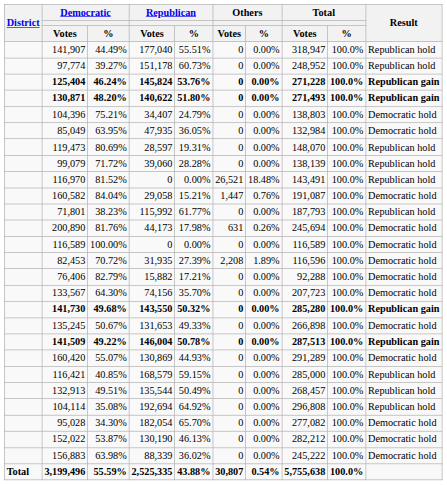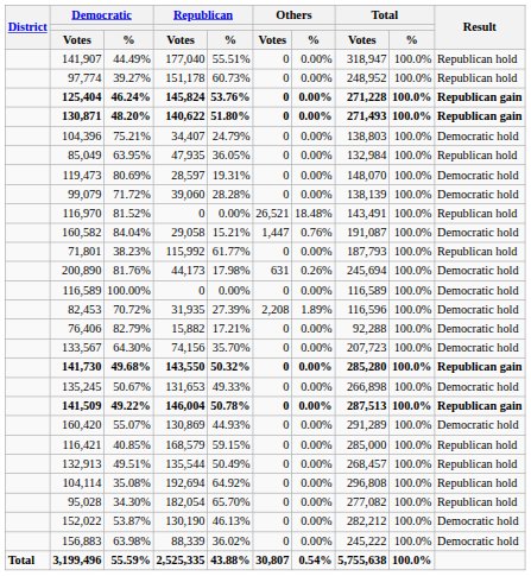 <table class="wikitable plainrowheaders sortable" style="font-size:100%; text-align:right;">
 <tr>
 <th scope=col rowspan=3><a href='#'>District</a></th>
 <th scope=col colspan=2><a href='#'>Democratic</a></th>
 <th scope=col colspan=2><a href='#'>Republican</a></th>
 <th scope=col colspan=2>Others</th>
 <th scope=col colspan=2>Total</th>
 <th scope=col rowspan=3>Result</th>
 </tr>
 <tr>
 <th scope=col colspan=2 style="background:"></th>
 <th scope=col colspan=2 style="background:"></th>
 <th scope=col colspan=2></th>
 <th scope=col colspan=2></th>
 </tr>
 <tr>
 <th scope=col data-sort-type="number">Votes</th>
 <th scope=col data-sort-type="number">%</th>
 <th scope=col data-sort-type="number">Votes</th>
 <th scope=col data-sort-type="number">%</th>
 <th scope=col data-sort-type="number">Votes</th>
 <th scope=col data-sort-type="number">%</th>
 <th scope=col data-sort-type="number">Votes</th>
 <th scope=col data-sort-type="number">%</th>
 </tr>
 <tr>
 <td align=left></td>
 <td>141,907</td>
 <td>44.49%</td>
 <td>177,040</td>
 <td>55.51%</td>
 <td>0</td>
 <td>0.00%</td>
 <td>318,947</td>
 <td>100.0%</td>
 <td align=left>Republican hold</td>
 </tr>
 <tr>
 <td align=left></td>
 <td>97,774</td>
 <td>39.27%</td>
 <td>151,178</td>
 <td>60.73%</td>
 <td>0</td>
 <td>0.00%</td>
 <td>248,952</td>
 <td>100.0%</td>
 <td align=left>Republican hold</td>
 </tr>
 <tr>
 <td align=left><strong></strong></td>
 <td><strong>125,404</strong></td>
 <td><strong>46.24%</strong></td>
 <td><strong>145,824</strong></td>
 <td><strong>53.76%</strong></td>
 <td><strong>0</strong></td>
 <td><strong>0.00%</strong></td>
 <td><strong>271,228</strong></td>
 <td><strong>100.0%</strong></td>
 <td align=left><strong>Republican gain</strong></td>
 </tr>
 <tr>
 <td align=left><strong></strong></td>
 <td><strong>130,871</strong></td>
 <td><strong>48.20%</strong></td>
 <td><strong>140,622</strong></td>
 <td><strong>51.80%</strong></td>
 <td><strong>0</strong></td>
 <td><strong>0.00%</strong></td>
 <td><strong>271,493</strong></td>
 <td><strong>100.0%</strong></td>
 <td align=left><strong>Republican gain</strong></td>
 </tr>
 <tr>
 <td align=left></td>
 <td>104,396</td>
 <td>75.21%</td>
 <td>34,407</td>
 <td>24.79%</td>
 <td>0</td>
 <td>0.00%</td>
 <td>138,803</td>
 <td>100.0%</td>
 <td align=left>Democratic hold</td>
 </tr>
 <tr>
 <td align=left></td>
 <td>85,049</td>
 <td>63.95%</td>
 <td>47,935</td>
 <td>36.05%</td>
 <td>0</td>
 <td>0.00%</td>
 <td>132,984</td>
 <td>100.0%</td>
-<td align=left>Democratic hold</td>
+<td align=left>Republican hold</td>
 </tr>
 <tr>
 <td align=left></td>
 <td>119,473</td>
 <td>80.69%</td>
 <td>28,597</td>
 <td>19.31%</td>
 <td>0</td>
 <td>0.00%</td>
 <td>148,070</td>
 <td>100.0%</td>
-<td align=left>Republican hold</td>
+<td align=left>Democratic hold</td>
 </tr>
 <tr>
 <td align=left></td>
 <td>99,079</td>
 <td>71.72%</td>
 <td>39,060</td>
 <td>28.28%</td>
 <td>0</td>
 <td>0.00%</td>
 <td>138,139</td>
 <td>100.0%</td>
-<td align=left>Republican hold</td>
+<td align=left>Democratic hold</td>
 </tr>
 <tr>
 <td align=left></td>
 <td>116,970</td>
 <td>81.52%</td>
 <td>0</td>
 <td>0.00%</td>
 <td>26,521</td>
 <td>18.48%</td>
 <td>143,491</td>
 <td>100.0%</td>
 <td align=left>Republican hold</td>
 </tr>
 <tr>
 <td align=left></td>
 <td>160,582</td>
 <td>84.04%</td>
 <td>29,058</td>
 <td>15.21%</td>
 <td>1,447</td>
 <td>0.76%</td>
 <td>191,087</td>
 <td>100.0%</td>
 <td align=left>Democratic hold</td>
 </tr>
 <tr>
 <td align=left></td>
 <td>71,801</td>
 <td>38.23%</td>
 <td>115,992</td>
 <td>61.77%</td>
 <td>0</td>
 <td>0.00%</td>
 <td>187,793</td>
 <td>100.0%</td>
 <td align=left>Republican hold</td>
 </tr>
 <tr>
 <td align=left></td>
 <td>200,890</td>
 <td>81.76%</td>
 <td>44,173</td>
 <td>17.98%</td>
 <td>631</td>
 <td>0.26%</td>
 <td>245,694</td>
 <td>100.0%</td>
 <td align=left>Democratic hold</td>
 </tr>
 <tr>
 <td align=left></td>
 <td>116,589</td>
 <td>100.00%</td>
 <td>0</td>
 <td>0.00%</td>
 <td>0</td>
 <td>0.00%</td>
 <td>116,589</td>
 <td>100.0%</td>
 <td align=left>Democratic hold</td>
 </tr>
 <tr>
 <td align=left></td>
 <td>82,453</td>
 <td>70.72%</td>
 <td>31,935</td>
 <td>27.39%</td>
 <td>2,208</td>
 <td>1.89%</td>
 <td>116,596</td>
 <td>100.0%</td>
 <td align=left>Democratic hold</td>
 </tr>
 <tr>
 <td align=left></td>
 <td>76,406</td>
 <td>82.79%</td>
 <td>15,882</td>
 <td>17.21%</td>
 <td>0</td>
 <td>0.00%</td>
 <td>92,288</td>
 <td>100.0%</td>
 <td align=left>Democratic hold</td>
 </tr>
 <tr>
 <td align=left></td>
 <td>133,567</td>
 <td>64.30%</td>
 <td>74,156</td>
 <td>35.70%</td>
 <td>0</td>
 <td>0.00%</td>
 <td>207,723</td>
 <td>100.0%</td>
 <td align=left>Democratic hold</td>
 </tr>
 <tr>
 <td align=left><strong></strong></td>
 <td><strong>141,730</strong></td>
 <td><strong>49.68%</strong></td>
 <td><strong>143,550</strong></td>
 <td><strong>50.32%</strong></td>
 <td><strong>0</strong></td>
 <td><strong>0.00%</strong></td>
 <td><strong>285,280</strong></td>
 <td><strong>100.0%</strong></td>
 <td align=left><strong>Republican gain</strong></td>
 </tr>
 <tr>
 <td align=left></td>
 <td>135,245</td>
 <td>50.67%</td>
 <td>131,653</td>
 <td>49.33%</td>
 <td>0</td>
 <td>0.00%</td>
 <td>266,898</td>
 <td>100.0%</td>
 <td align=left>Democratic hold</td>
 </tr>
 <tr>
 <td align=left><strong></strong></td>
 <td><strong>141,509</strong></td>
 <td><strong>49.22%</strong></td>
 <td><strong>146,004</strong></td>
 <td><strong>50.78%</strong></td>
 <td><strong>0</strong></td>
 <td><strong>0.00%</strong></td>
 <td><strong>287,513</strong></td>
 <td><strong>100.0%</strong></td>
 <td align=left><strong>Republican gain</strong></td>
 </tr>
 <tr>
 <td align=left></td>
 <td>160,420</td>
 <td>55.07%</td>
 <td>130,869</td>
 <td>44.93%</td>
 <td>0</td>
 <td>0.00%</td>
 <td>291,289</td>
 <td>100.0%</td>
 <td align=left>Democratic hold</td>
 </tr>
 <tr>
 <td align=left></td>
 <td>116,421</td>
 <td>40.85%</td>
 <td>168,579</td>
 <td>59.15%</td>
 <td>0</td>
 <td>0.00%</td>
 <td>285,000</td>
 <td>100.0%</td>
 <td align=left>Republican hold</td>
 </tr>
 <tr>
 <td align=left></td>
 <td>132,913</td>
 <td>49.51%</td>
 <td>135,544</td>
 <td>50.49%</td>
 <td>0</td>
 <td>0.00%</td>
 <td>268,457</td>
 <td>100.0%</td>
 <td align=left>Republican hold</td>
 </tr>
 <tr>
 <td align=left></td>
 <td>104,114</td>
 <td>35.08%</td>
 <td>192,694</td>
 <td>64.92%</td>
 <td>0</td>
 <td>0.00%</td>
 <td>296,808</td>
 <td>100.0%</td>
 <td align=left>Republican hold</td>
 </tr>
 <tr>
 <td align=left></td>
 <td>95,028</td>
 <td>34.30%</td>
 <td>182,054</td>
 <td>65.70%</td>
 <td>0</td>
 <td>0.00%</td>
 <td>277,082</td>
 <td>100.0%</td>
-<td align=left>Democratic hold</td>
+<td align=left>Republican hold</td>
 </tr>
 <tr>
 <td align=left></td>
 <td>152,022</td>
 <td>53.87%</td>
 <td>130,190</td>
 <td>46.13%</td>
 <td>0</td>
 <td>0.00%</td>
 <td>282,212</td>
 <td>100.0%</td>
 <td align=left>Democratic hold</td>
 </tr>
 <tr>
 <td align=left></td>
 <td>156,883</td>
 <td>63.98%</td>
 <td>88,339</td>
 <td>36.02%</td>
 <td>0</td>
 <td>0.00%</td>
 <td>245,222</td>
 <td>100.0%</td>
 <td align=left>Democratic hold</td>
 </tr>
 <tr class="sortbottom" style="font-weight:bold">
 <td align=left>Total</td>
 <td>3,199,496</td>
 <td>55.59%</td>
 <td>2,525,335</td>
 <td>43.88%</td>
 <td>30,807</td>
 <td>0.54%</td>
 <td>5,755,638</td>
 <td>100.0%</td>
 </tr>
 </table>
